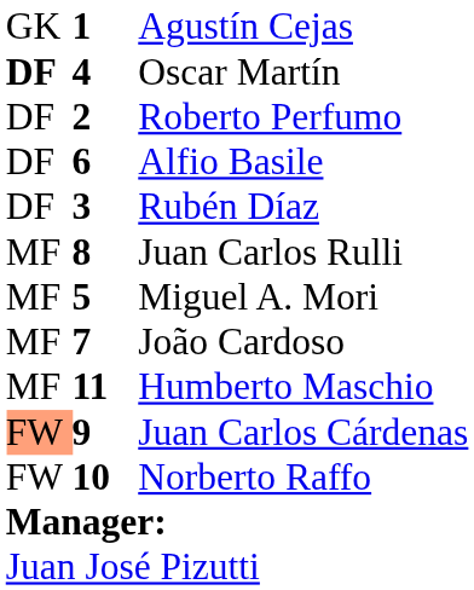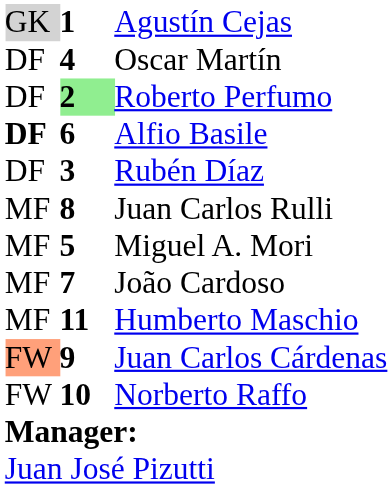 <table cellspacing="0" cellpadding="0" style="font-size:90%; margin:0.2em auto;">
 <tr>
 <th width="25"></th>
 <th width="25"></th>
 </tr>
 <tr>
-<td>GK</td>
+<td style="background: lightgrey;">GK</td>
 <td><strong>1</strong></td>
 <td> <a href='#'>Agustín Cejas</a></td>
 </tr>
 <tr>
-<td><strong>DF</strong></td>
+<td>DF</td>
 <td><strong>4</strong></td>
 <td> Oscar Martín</td>
 </tr>
 <tr>
 <td>DF</td>
-<td><strong>2</strong></td>
+<td style="background: lightgreen;"><strong>2</strong></td>
 <td> <a href='#'>Roberto Perfumo</a></td>
 </tr>
 <tr>
-<td>DF</td>
+<td><strong>DF</strong></td>
 <td><strong>6</strong></td>
 <td> <a href='#'>Alfio Basile</a></td>
 </tr>
 <tr>
 <td>DF</td>
 <td><strong>3</strong></td>
 <td> <a href='#'>Rubén Díaz</a></td>
 </tr>
 <tr>
 <td>MF</td>
 <td><strong>8</strong></td>
 <td> Juan Carlos Rulli</td>
 </tr>
 <tr>
 <td>MF</td>
 <td><strong>5</strong></td>
 <td> Miguel A. Mori</td>
 </tr>
 <tr>
 <td>MF</td>
 <td><strong>7</strong></td>
 <td> João Cardoso</td>
 </tr>
 <tr>
 <td>MF</td>
 <td><strong>11</strong></td>
 <td> <a href='#'>Humberto Maschio</a></td>
 </tr>
 <tr>
 <td style="background: lightsalmon;">FW</td>
 <td><strong>9</strong></td>
 <td> <a href='#'>Juan Carlos Cárdenas</a></td>
 </tr>
 <tr>
 <td>FW</td>
 <td><strong>10</strong></td>
 <td> <a href='#'>Norberto Raffo</a></td>
 </tr>
 <tr>
 <td colspan=3><strong>Manager:</strong></td>
 </tr>
 <tr>
 <td colspan=4> <a href='#'>Juan José Pizutti</a></td>
 </tr>
 </table>
